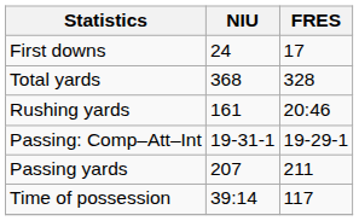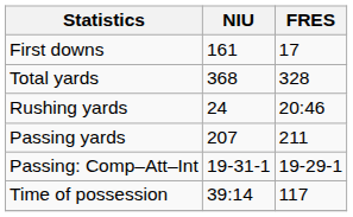 <table class="wikitable" style="float: left;">
 <tr>
 <th>Statistics</th>
 <th>NIU</th>
 <th>FRES</th>
 </tr>
 <tr>
 <td>First downs</td>
-<td>24</td>
+<td>161</td>
 <td>17</td>
 </tr>
 <tr>
 <td>Total yards</td>
 <td>368</td>
 <td>328</td>
 </tr>
 <tr>
 <td>Rushing yards</td>
-<td>161</td>
+<td>24</td>
 <td>20:46</td>
+</tr>
+<tr>
+<td>Passing yards</td>
+<td>207</td>
+<td>211</td>
 </tr>
 <tr>
 <td>Passing: Comp–Att–Int</td>
 <td>19-31-1</td>
 <td>19-29-1</td>
-</tr>
-<tr>
-<td>Passing yards</td>
-<td>207</td>
-<td>211</td>
 </tr>
 <tr>
 <td>Time of possession</td>
 <td>39:14</td>
 <td>117</td>
 </tr>
 <tr>
 </tr>
 </table>
